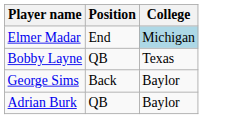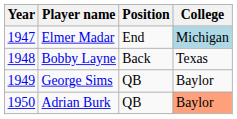 <table class="wikitable sortable">
 <tr>
+<th scope="col">Year</th>
 <th scope="col">Player name</th>
 <th scope="col">Position</th>
 <th scope="col">College</th>
 </tr>
 <tr>
+<td style="text-align:center;"><a href='#'>1947</a></td>
 <td><a href='#'>Elmer Madar</a></td>
 <td>End</td>
 <td style="background: lightblue;">Michigan</td>
 </tr>
 <tr>
+<td style="text-align:center;"><a href='#'>1948</a></td>
 <td><a href='#'>Bobby Layne</a></td>
-<td>QB</td>
+<td>Back</td>
 <td>Texas</td>
 </tr>
 <tr>
+<td style="text-align:center;"><a href='#'>1949</a></td>
 <td><a href='#'>George Sims</a></td>
-<td>Back</td>
+<td>QB</td>
 <td>Baylor</td>
 </tr>
 <tr>
+<td style="text-align:center;"><a href='#'>1950</a></td>
 <td><a href='#'>Adrian Burk</a></td>
 <td>QB</td>
-<td>Baylor</td>
+<td style="background: lightsalmon;">Baylor</td>
 </tr>
 </table>
